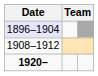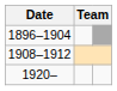 <table class="wikitable" style="text-align:center; font-size:90%;">
 <tr>
 <th>Date</th>
 <th colspan=2>Team</th>
 </tr>
 <tr>
-<td style="background: lavender;">1896–1904</td>
+<td>1896–1904</td>
 <td></td>
 <td style="background:darkgray"></td>
 </tr>
 <tr>
 <td>1908–1912</td>
 <td colspan=2 style= "background:moccasin"></td>
 </tr>
 <tr>
-<td><strong>1920–</strong></td>
+<td>1920–</td>
 <td></td>
 <td></td>
 </tr>
 </table>
